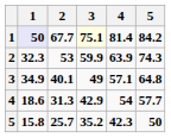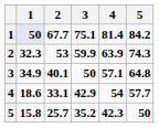 <table class="wikitable" style="text-align: right;">
 <tr>
 <th></th>
 <th>1</th>
 <th>2</th>
 <th>3</th>
 <th>4</th>
 <th>5</th>
 </tr>
 <tr>
 <th>1</th>
 <td style="background: lavender;"><strong>50</strong></td>
 <td><strong>67.7</strong></td>
-<td style="background: lightyellow;"><strong>75.1</strong></td>
+<td><strong>75.1</strong></td>
 <td><strong>81.4</strong></td>
 <td><strong>84.2</strong></td>
 </tr>
 <tr>
 <th>2</th>
 <td><strong>32.3</strong></td>
 <td><strong>53</strong></td>
 <td><strong>59.9</strong></td>
 <td><strong>63.9</strong></td>
 <td><strong>74.3</strong></td>
 </tr>
 <tr>
 <th><strong>3</strong></th>
 <td><strong>34.9</strong></td>
 <td><strong>40.1</strong></td>
-<td><strong>49</strong></td>
+<td><strong>50</strong></td>
 <td><strong>57.1</strong></td>
 <td><strong>64.8</strong></td>
 </tr>
 <tr>
 <th><strong>4</strong></th>
 <td><strong>18.6</strong></td>
-<td><strong>31.3</strong></td>
+<td><strong>33.1</strong></td>
 <td><strong>42.9</strong></td>
 <td><strong>54</strong></td>
 <td><strong>57.7</strong></td>
 </tr>
 <tr>
 <th><strong>5</strong></th>
 <td><strong>15.8</strong></td>
 <td><strong>25.7</strong></td>
 <td><strong>35.2</strong></td>
 <td><strong>42.3</strong></td>
 <td><strong>50</strong></td>
 </tr>
 </table>
